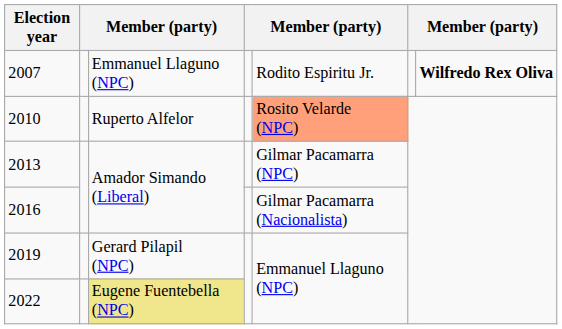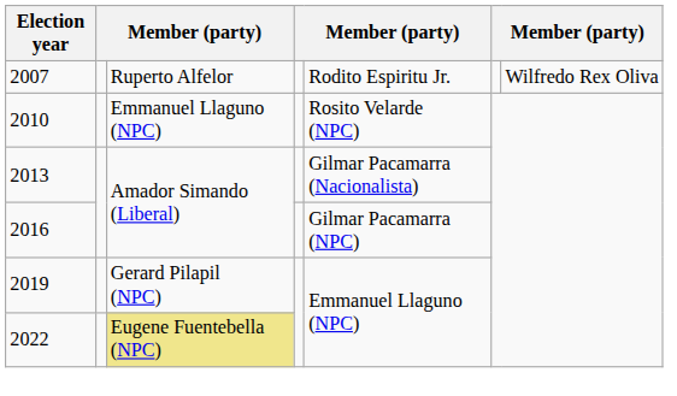 <table class=wikitable style="font-size:90%">
 <tr>
 <th width=60px>Election<br>year</th>
 <th colspan=2 width=140px>Member (party)</th>
 <th colspan=2 width=140px>Member (party)</th>
 <th colspan="2">Member (party)</th>
 </tr>
 <tr>
 <td>2007</td>
 <td></td>
-<td>Emmanuel Llaguno<br>(<a href='#'>NPC</a>)</td>
+<td>Ruperto Alfelor</td>
 <td></td>
 <td>Rodito Espiritu Jr.</td>
 <td></td>
-<td><strong>Wilfredo Rex Oliva</strong></td>
+<td>Wilfredo Rex Oliva</td>
 </tr>
 <tr>
 <td>2010</td>
 <td></td>
-<td>Ruperto Alfelor</td>
+<td>Emmanuel Llaguno<br>(<a href='#'>NPC</a>)</td>
 <td></td>
-<td style="background: lightsalmon;">Rosito Velarde<br>(<a href='#'>NPC</a>)</td>
+<td>Rosito Velarde<br>(<a href='#'>NPC</a>)</td>
 </tr>
 <tr>
 <td>2013</td>
 <td rowspan=2></td>
 <td rowspan=2>Amador Simando<br>(<a href='#'>Liberal</a>)</td>
 <td></td>
-<td>Gilmar Pacamarra<br>(<a href='#'>NPC</a>)</td>
+<td>Gilmar Pacamarra<br>(<a href='#'>Nacionalista</a>)</td>
 </tr>
 <tr>
 <td>2016</td>
 <td></td>
-<td>Gilmar Pacamarra<br>(<a href='#'>Nacionalista</a>)</td>
+<td>Gilmar Pacamarra<br>(<a href='#'>NPC</a>)</td>
 </tr>
 <tr>
 <td>2019</td>
 <td></td>
 <td>Gerard Pilapil<br>(<a href='#'>NPC</a>)</td>
 <td rowspan="2"></td>
 <td rowspan="2">Emmanuel Llaguno<br>(<a href='#'>NPC</a>)</td>
 </tr>
 <tr>
 <td>2022</td>
 <td></td>
 <td style="background: khaki;">Eugene Fuentebella<br>(<a href='#'>NPC</a>)</td>
 </tr>
 </table>
